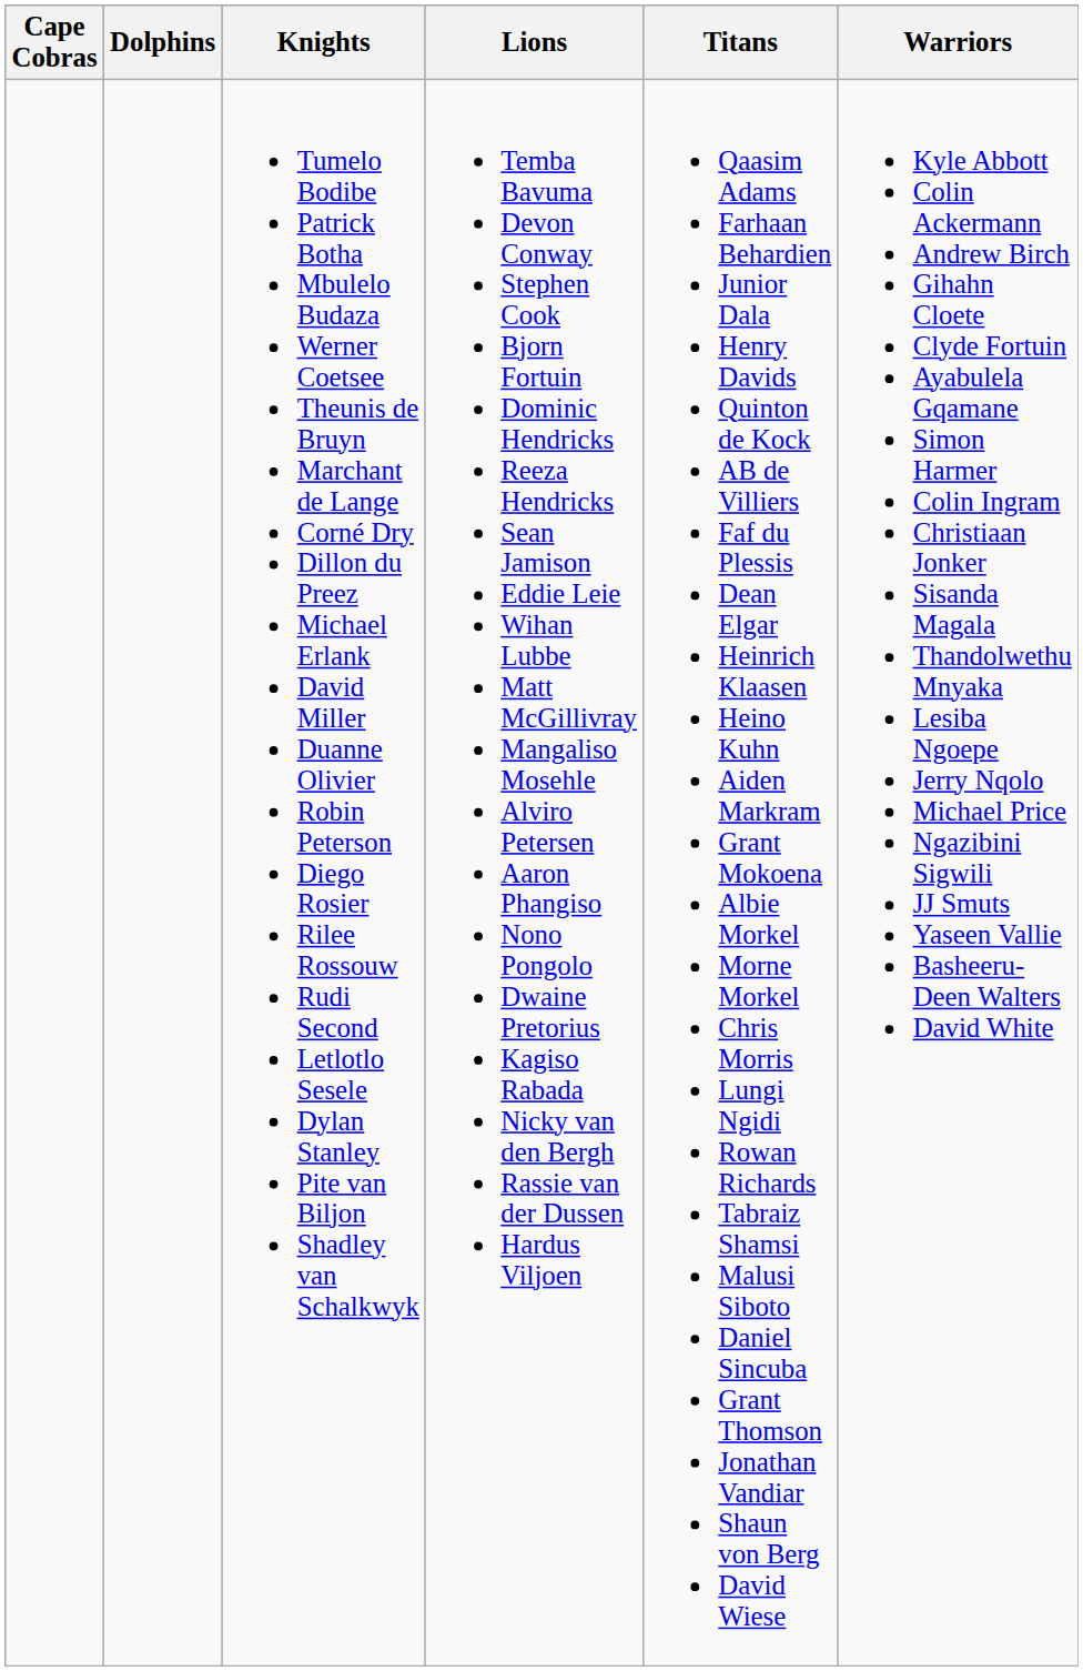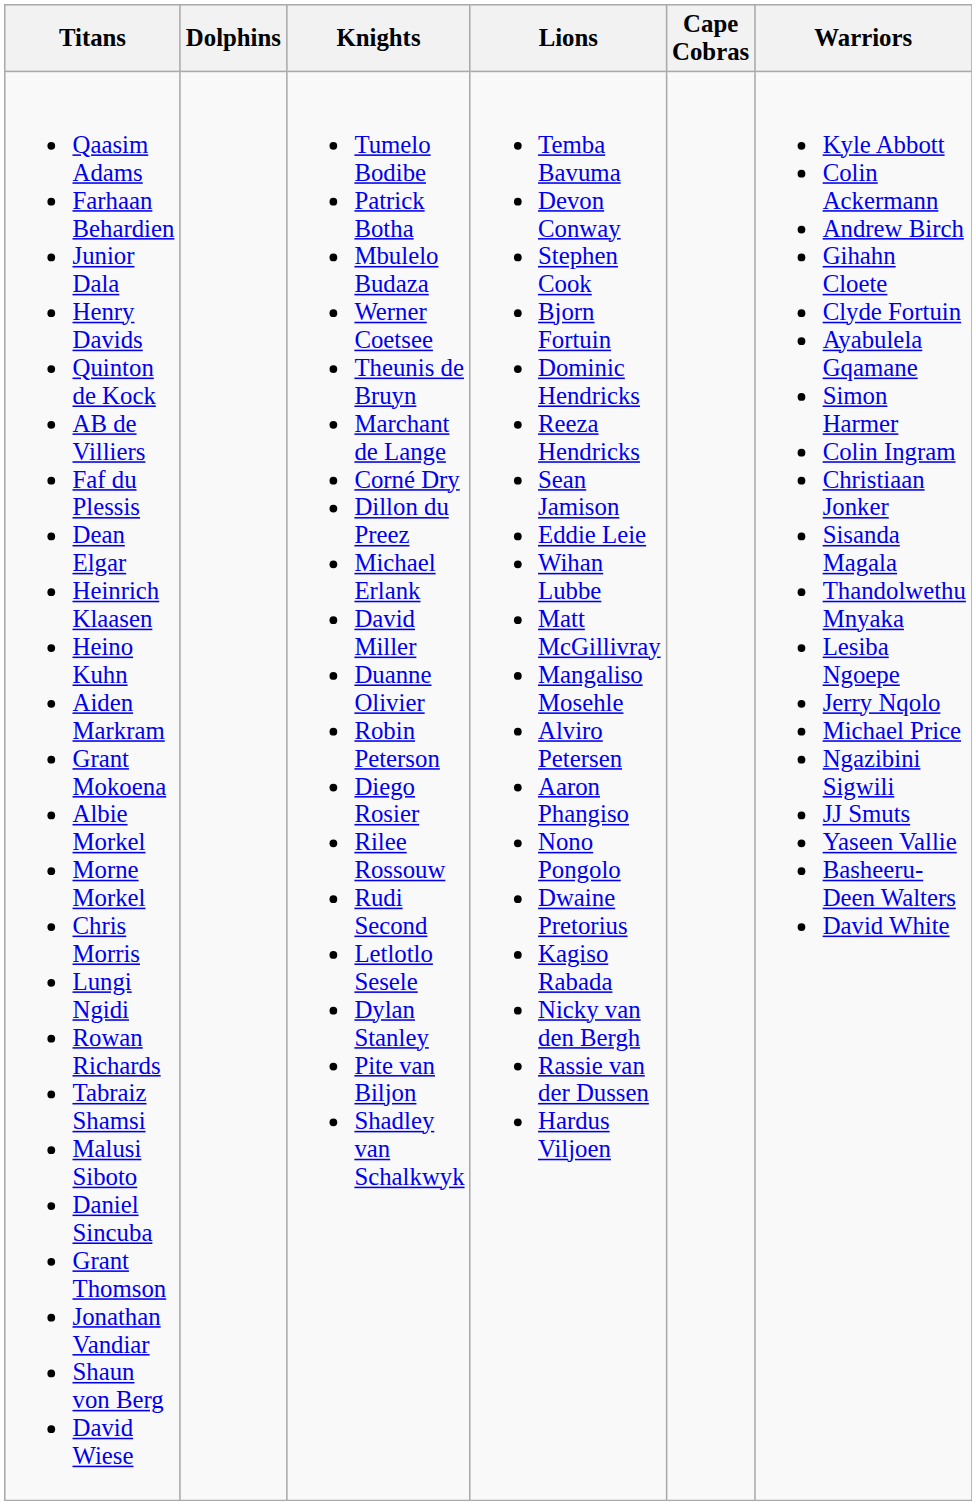 <table class="wikitable" style="text-align:left; margin:auto">
 <tr>
-<th style="width=20%;">Cape Cobras</th>
+<th style="width=20%;">Titans</th>
 <th style="width=20%;">Dolphins</th>
 <th style="width=20%;">Knights</th>
 <th style="width=20%;">Lions</th>
-<th style="width=20%;">Titans</th>
+<th style="width=20%;">Cape Cobras</th>
 <th style="width=20%;">Warriors</th>
 </tr>
 <tr style="vertical-align:top">
-<td></td>
+<td><br><ul><li><a href='#'>Qaasim Adams</a></li><li><a href='#'>Farhaan Behardien</a></li><li><a href='#'>Junior Dala</a></li><li><a href='#'>Henry Davids</a></li><li><a href='#'>Quinton de Kock</a></li><li><a href='#'>AB de Villiers</a></li><li><a href='#'>Faf du Plessis</a></li><li><a href='#'>Dean Elgar</a></li><li><a href='#'>Heinrich Klaasen</a></li><li><a href='#'>Heino Kuhn</a></li><li><a href='#'>Aiden Markram</a></li><li><a href='#'>Grant Mokoena</a></li><li><a href='#'>Albie Morkel</a></li><li><a href='#'>Morne Morkel</a></li><li><a href='#'>Chris Morris</a></li><li><a href='#'>Lungi Ngidi</a></li><li><a href='#'>Rowan Richards</a></li><li><a href='#'>Tabraiz Shamsi</a></li><li><a href='#'>Malusi Siboto</a></li><li><a href='#'>Daniel Sincuba</a></li><li><a href='#'>Grant Thomson</a></li><li><a href='#'>Jonathan Vandiar</a></li><li><a href='#'>Shaun von Berg</a></li><li><a href='#'>David Wiese</a></li></ul></td>
 <td></td>
 <td><br><ul><li><a href='#'>Tumelo Bodibe</a></li><li><a href='#'>Patrick Botha</a></li><li><a href='#'>Mbulelo Budaza</a></li><li><a href='#'>Werner Coetsee</a></li><li><a href='#'>Theunis de Bruyn</a></li><li><a href='#'>Marchant de Lange</a></li><li><a href='#'>Corné Dry</a></li><li><a href='#'>Dillon du Preez</a></li><li><a href='#'>Michael Erlank</a></li><li><a href='#'>David Miller</a></li><li><a href='#'>Duanne Olivier</a></li><li><a href='#'>Robin Peterson</a></li><li><a href='#'>Diego Rosier</a></li><li><a href='#'>Rilee Rossouw</a></li><li><a href='#'>Rudi Second</a></li><li><a href='#'>Letlotlo Sesele</a></li><li><a href='#'>Dylan Stanley</a></li><li><a href='#'>Pite van Biljon</a></li><li><a href='#'>Shadley van Schalkwyk</a></li></ul></td>
 <td><br><ul><li><a href='#'>Temba Bavuma</a></li><li><a href='#'>Devon Conway</a></li><li><a href='#'>Stephen Cook</a></li><li><a href='#'>Bjorn Fortuin</a></li><li><a href='#'>Dominic Hendricks</a></li><li><a href='#'>Reeza Hendricks</a></li><li><a href='#'>Sean Jamison</a></li><li><a href='#'>Eddie Leie</a></li><li><a href='#'>Wihan Lubbe</a></li><li><a href='#'>Matt McGillivray</a></li><li><a href='#'>Mangaliso Mosehle</a></li><li><a href='#'>Alviro Petersen</a></li><li><a href='#'>Aaron Phangiso</a></li><li><a href='#'>Nono Pongolo</a></li><li><a href='#'>Dwaine Pretorius</a></li><li><a href='#'>Kagiso Rabada</a></li><li><a href='#'>Nicky van den Bergh</a></li><li><a href='#'>Rassie van der Dussen</a></li><li><a href='#'>Hardus Viljoen</a></li></ul></td>
-<td><br><ul><li><a href='#'>Qaasim Adams</a></li><li><a href='#'>Farhaan Behardien</a></li><li><a href='#'>Junior Dala</a></li><li><a href='#'>Henry Davids</a></li><li><a href='#'>Quinton de Kock</a></li><li><a href='#'>AB de Villiers</a></li><li><a href='#'>Faf du Plessis</a></li><li><a href='#'>Dean Elgar</a></li><li><a href='#'>Heinrich Klaasen</a></li><li><a href='#'>Heino Kuhn</a></li><li><a href='#'>Aiden Markram</a></li><li><a href='#'>Grant Mokoena</a></li><li><a href='#'>Albie Morkel</a></li><li><a href='#'>Morne Morkel</a></li><li><a href='#'>Chris Morris</a></li><li><a href='#'>Lungi Ngidi</a></li><li><a href='#'>Rowan Richards</a></li><li><a href='#'>Tabraiz Shamsi</a></li><li><a href='#'>Malusi Siboto</a></li><li><a href='#'>Daniel Sincuba</a></li><li><a href='#'>Grant Thomson</a></li><li><a href='#'>Jonathan Vandiar</a></li><li><a href='#'>Shaun von Berg</a></li><li><a href='#'>David Wiese</a></li></ul></td>
+<td></td>
 <td><br><ul><li><a href='#'>Kyle Abbott</a></li><li><a href='#'>Colin Ackermann</a></li><li><a href='#'>Andrew Birch</a></li><li><a href='#'>Gihahn Cloete</a></li><li><a href='#'>Clyde Fortuin</a></li><li><a href='#'>Ayabulela Gqamane</a></li><li><a href='#'>Simon Harmer</a></li><li><a href='#'>Colin Ingram</a></li><li><a href='#'>Christiaan Jonker</a></li><li><a href='#'>Sisanda Magala</a></li><li><a href='#'>Thandolwethu Mnyaka</a></li><li><a href='#'>Lesiba Ngoepe</a></li><li><a href='#'>Jerry Nqolo</a></li><li><a href='#'>Michael Price</a></li><li><a href='#'>Ngazibini Sigwili</a></li><li><a href='#'>JJ Smuts</a></li><li><a href='#'>Yaseen Vallie</a></li><li><a href='#'>Basheeru-Deen Walters</a></li><li><a href='#'>David White</a></li></ul></td>
 </tr>
 </table>
